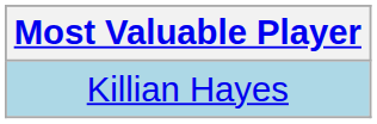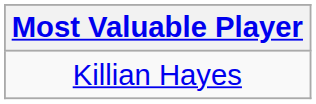 <table class=wikitable style="text-align:center">
 <tr>
 <th><a href='#'>Most Valuable Player</a></th>
 </tr>
 <tr>
-<td style="background: lightblue;"> <a href='#'>Killian Hayes</a></td>
+<td> <a href='#'>Killian Hayes</a></td>
 </tr>
 </table>
